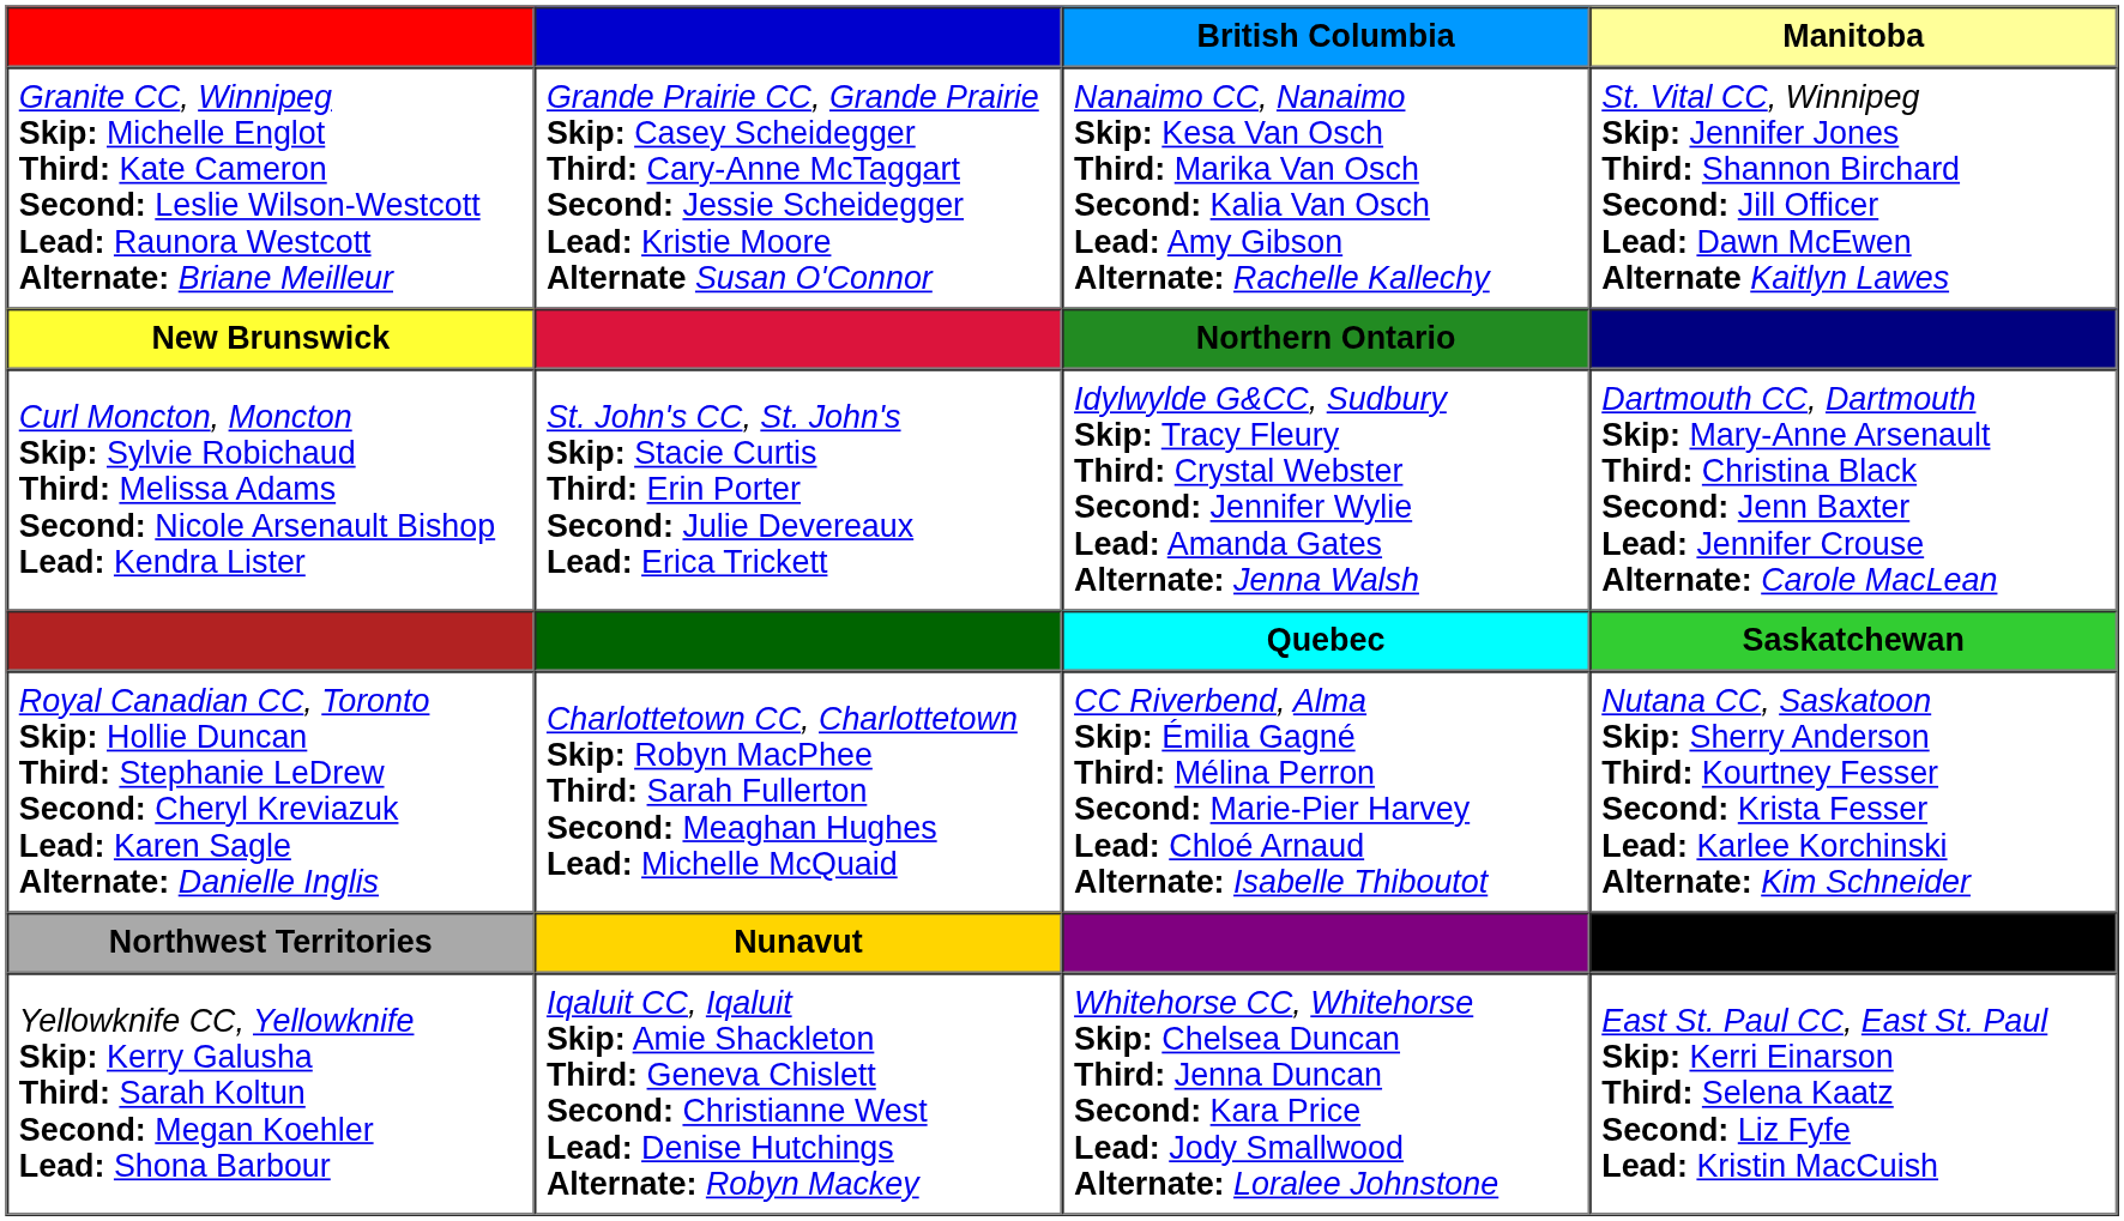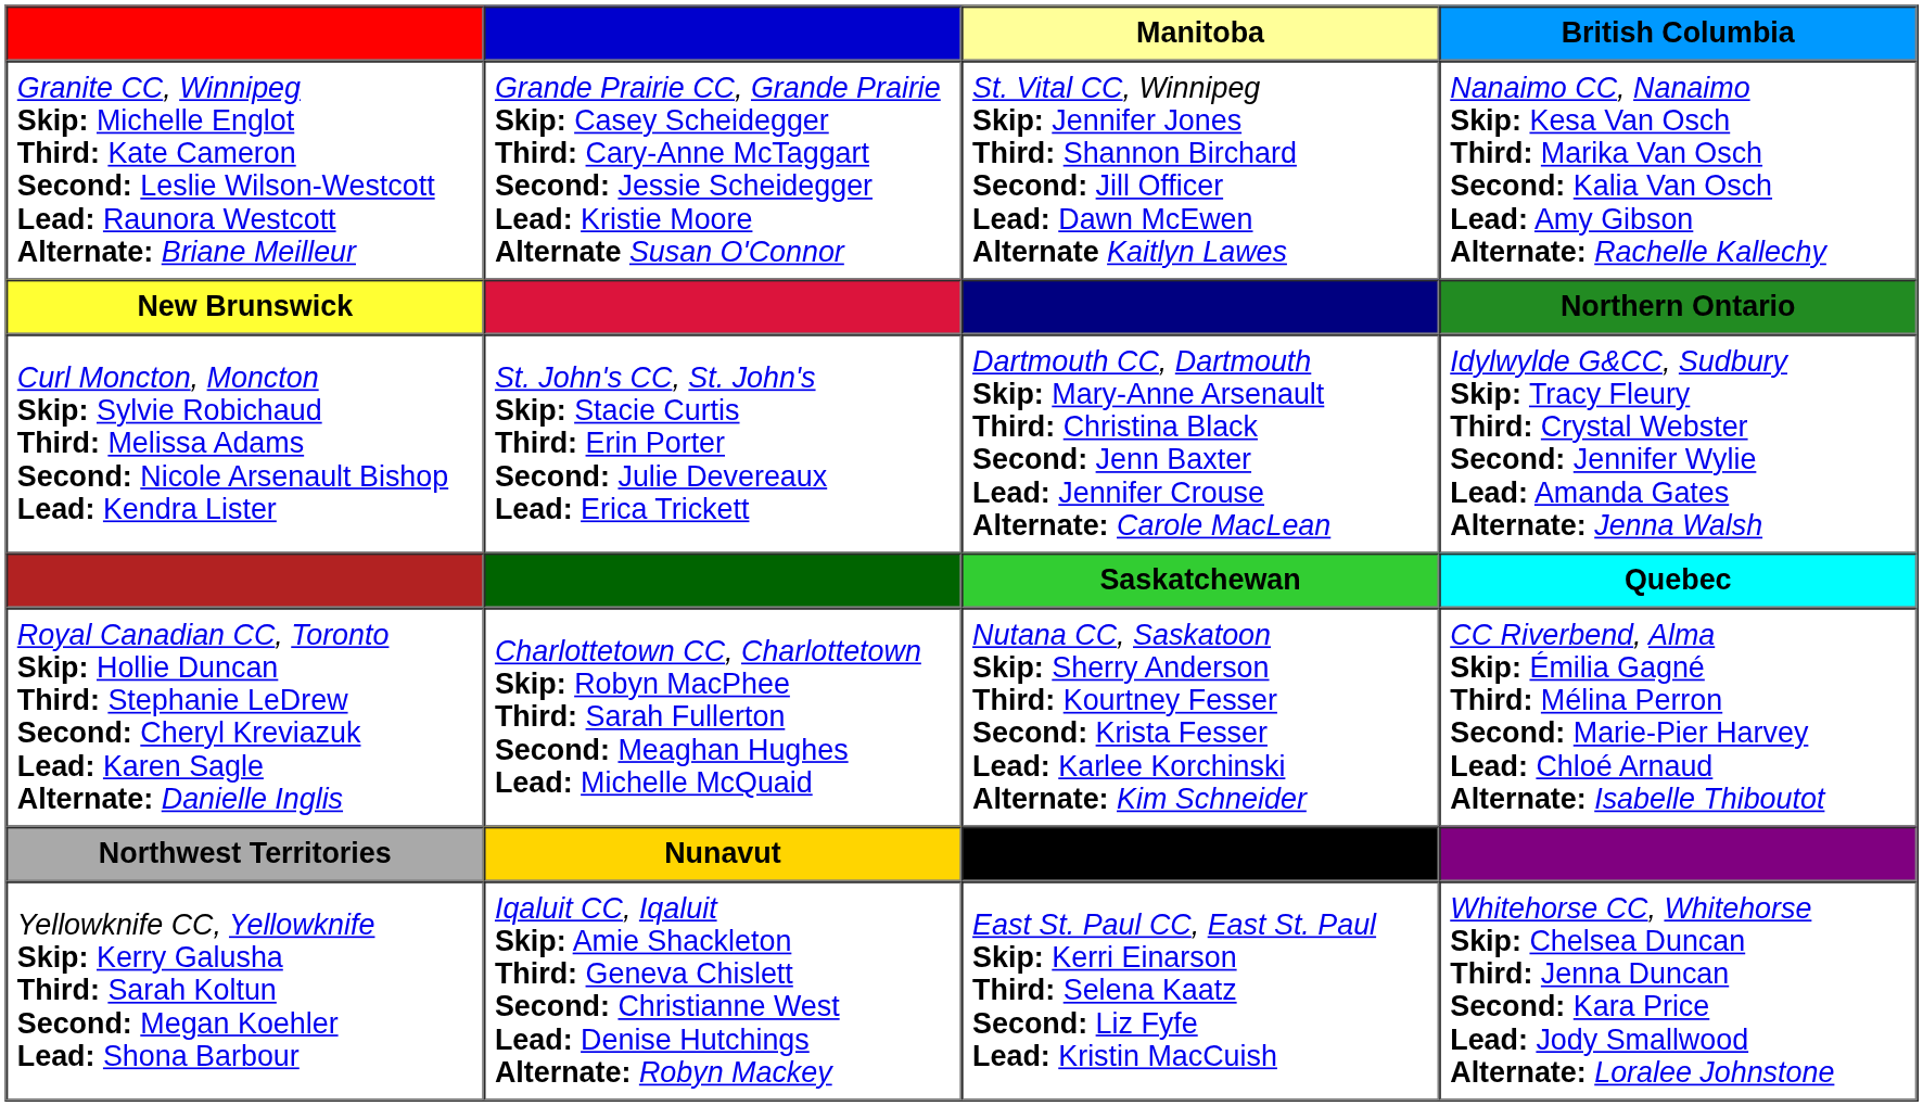 <table border=1 cellpadding=5 cellspacing=0>
 <tr>
 <th bgcolor="#FF0000" width="250"> </th>
 <th bgcolor="#0000CD" width="250"> </th>
+<th bgcolor="#FFFF99" width="250"> Manitoba</th>
 <th bgcolor="#0099FF" width="250"> British Columbia</th>
-<th bgcolor="#FFFF99" width="250"> Manitoba</th>
 </tr>
 <tr>
 <td><em><a href='#'>Granite CC</a>, <a href='#'>Winnipeg</a></em><br><strong>Skip:</strong> <a href='#'>Michelle Englot</a><br> <strong>Third:</strong> <a href='#'>Kate Cameron</a><br> <strong>Second:</strong> <a href='#'>Leslie Wilson-Westcott</a><br> <strong>Lead:</strong> <a href='#'>Raunora Westcott</a><br> <strong>Alternate:</strong> <em><a href='#'>Briane Meilleur</a></em></td>
 <td><em><a href='#'>Grande Prairie CC</a>, <a href='#'>Grande Prairie</a></em><br><strong>Skip:</strong> <a href='#'>Casey Scheidegger</a><br> <strong>Third:</strong> <a href='#'>Cary-Anne McTaggart</a><br> <strong>Second:</strong> <a href='#'>Jessie Scheidegger</a><br> <strong>Lead:</strong> <a href='#'>Kristie Moore</a><br> <strong>Alternate</strong> <em><a href='#'>Susan O'Connor</a></em></td>
+<td><em><a href='#'>St. Vital CC</a>, Winnipeg</em><br><strong>Skip:</strong> <a href='#'>Jennifer Jones</a><br> <strong>Third:</strong> <a href='#'>Shannon Birchard</a><br> <strong>Second:</strong> <a href='#'>Jill Officer</a><br> <strong>Lead:</strong> <a href='#'>Dawn McEwen</a><br> <strong>Alternate</strong> <em><a href='#'>Kaitlyn Lawes</a></em></td>
 <td><em><a href='#'>Nanaimo CC</a>, <a href='#'>Nanaimo</a></em><br><strong>Skip:</strong> <a href='#'>Kesa Van Osch</a><br> <strong>Third:</strong> <a href='#'>Marika Van Osch</a><br> <strong>Second:</strong> <a href='#'>Kalia Van Osch</a><br> <strong>Lead:</strong> <a href='#'>Amy Gibson</a><br>  <strong>Alternate:</strong> <em><a href='#'>Rachelle Kallechy</a></em></td>
-<td><em><a href='#'>St. Vital CC</a>, Winnipeg</em><br><strong>Skip:</strong> <a href='#'>Jennifer Jones</a><br> <strong>Third:</strong> <a href='#'>Shannon Birchard</a><br> <strong>Second:</strong> <a href='#'>Jill Officer</a><br> <strong>Lead:</strong> <a href='#'>Dawn McEwen</a><br> <strong>Alternate</strong> <em><a href='#'>Kaitlyn Lawes</a></em></td>
 </tr>
 <tr border=1 cellpadding=5 cellspacing=0>
 <th bgcolor="#FFFF33" width="250"> New Brunswick</th>
 <th bgcolor="#DC143C" width="250"> </th>
+<th bgcolor="#000080" width="250"> </th>
 <th bgcolor="#228B22" width="250"> Northern Ontario</th>
-<th bgcolor="#000080" width="250"> </th>
 </tr>
 <tr>
 <td><em><a href='#'>Curl Moncton</a>, <a href='#'>Moncton</a></em><br><strong>Skip:</strong> <a href='#'>Sylvie Robichaud</a><br> <strong>Third:</strong> <a href='#'>Melissa Adams</a><br> <strong>Second:</strong> <a href='#'>Nicole Arsenault Bishop</a><br> <strong>Lead:</strong> <a href='#'>Kendra Lister</a></td>
 <td><em><a href='#'>St. John's CC</a>, <a href='#'>St. John's</a></em><br><strong>Skip:</strong> <a href='#'>Stacie Curtis</a><br> <strong>Third:</strong> <a href='#'>Erin Porter</a><br> <strong>Second:</strong> <a href='#'>Julie Devereaux</a><br> <strong>Lead:</strong> <a href='#'>Erica Trickett</a></td>
+<td><em><a href='#'>Dartmouth CC</a>, <a href='#'>Dartmouth</a></em><br><strong>Skip:</strong> <a href='#'>Mary-Anne Arsenault</a><br> <strong>Third:</strong> <a href='#'>Christina Black</a><br> <strong>Second:</strong> <a href='#'>Jenn Baxter</a><br> <strong>Lead:</strong> <a href='#'>Jennifer Crouse</a><br> <strong>Alternate:</strong> <em><a href='#'>Carole MacLean</a></em></td>
 <td><em><a href='#'>Idylwylde G&CC</a>, <a href='#'>Sudbury</a></em><br><strong>Skip:</strong> <a href='#'>Tracy Fleury</a><br> <strong>Third:</strong> <a href='#'>Crystal Webster</a><br> <strong>Second:</strong> <a href='#'>Jennifer Wylie</a><br> <strong>Lead:</strong> <a href='#'>Amanda Gates</a><br> <strong>Alternate:</strong> <em><a href='#'>Jenna Walsh</a></em></td>
-<td><em><a href='#'>Dartmouth CC</a>, <a href='#'>Dartmouth</a></em><br><strong>Skip:</strong> <a href='#'>Mary-Anne Arsenault</a><br> <strong>Third:</strong> <a href='#'>Christina Black</a><br> <strong>Second:</strong> <a href='#'>Jenn Baxter</a><br> <strong>Lead:</strong> <a href='#'>Jennifer Crouse</a><br> <strong>Alternate:</strong> <em><a href='#'>Carole MacLean</a></em></td>
 </tr>
 <tr border=1 cellpadding=5 cellspacing=0>
 <th bgcolor="#B22222" width="250"> </th>
 <th bgcolor="#006400" width="250"> </th>
+<th bgcolor="#32CD32" width="250"> Saskatchewan</th>
 <th bgcolor="#00FFFF" width="250"> Quebec</th>
-<th bgcolor="#32CD32" width="250"> Saskatchewan</th>
 </tr>
 <tr>
 <td><em><a href='#'>Royal Canadian CC</a>, <a href='#'>Toronto</a></em><br><strong>Skip:</strong> <a href='#'>Hollie Duncan</a><br> <strong>Third:</strong> <a href='#'>Stephanie LeDrew</a><br> <strong>Second:</strong> <a href='#'>Cheryl Kreviazuk</a><br> <strong>Lead:</strong> <a href='#'>Karen Sagle</a><br> <strong>Alternate:</strong> <em><a href='#'>Danielle Inglis</a></em></td>
 <td><em><a href='#'>Charlottetown CC</a>, <a href='#'>Charlottetown</a></em><br><strong>Skip:</strong> <a href='#'>Robyn MacPhee</a><br> <strong>Third:</strong> <a href='#'>Sarah Fullerton</a><br> <strong>Second:</strong> <a href='#'>Meaghan Hughes</a><br> <strong>Lead:</strong> <a href='#'>Michelle McQuaid</a></td>
+<td><em><a href='#'>Nutana CC</a>, <a href='#'>Saskatoon</a></em><br><strong>Skip:</strong> <a href='#'>Sherry Anderson</a><br> <strong>Third:</strong> <a href='#'>Kourtney Fesser</a><br> <strong>Second:</strong> <a href='#'>Krista Fesser</a><br> <strong>Lead:</strong> <a href='#'>Karlee Korchinski</a><br> <strong>Alternate:</strong> <em><a href='#'>Kim Schneider</a></em></td>
 <td><em><a href='#'>CC Riverbend</a>, <a href='#'>Alma</a></em><br><strong>Skip:</strong> <a href='#'>Émilia Gagné</a><br> <strong>Third:</strong> <a href='#'>Mélina Perron</a><br> <strong>Second:</strong> <a href='#'>Marie-Pier Harvey</a><br> <strong>Lead:</strong> <a href='#'>Chloé Arnaud</a><br> <strong>Alternate:</strong> <em><a href='#'>Isabelle Thiboutot</a></em></td>
-<td><em><a href='#'>Nutana CC</a>, <a href='#'>Saskatoon</a></em><br><strong>Skip:</strong> <a href='#'>Sherry Anderson</a><br> <strong>Third:</strong> <a href='#'>Kourtney Fesser</a><br> <strong>Second:</strong> <a href='#'>Krista Fesser</a><br> <strong>Lead:</strong> <a href='#'>Karlee Korchinski</a><br> <strong>Alternate:</strong> <em><a href='#'>Kim Schneider</a></em></td>
 </tr>
 <tr border=1 cellpadding=5 cellspacing=0>
 <th bgcolor="#A9A9A9" width="250"> Northwest Territories</th>
 <th bgcolor="#FFDD500" width="250"> Nunavut</th>
+<th bgcolor="#000000" width="250"> </th>
 <th bgcolor="#800080" width="250"> </th>
-<th bgcolor="#000000" width="250"> </th>
 </tr>
 <tr>
 <td><em>Yellowknife CC, <a href='#'>Yellowknife</a></em><br><strong>Skip:</strong> <a href='#'>Kerry Galusha</a><br> <strong>Third:</strong> <a href='#'>Sarah Koltun</a><br> <strong>Second:</strong> <a href='#'>Megan Koehler</a><br> <strong>Lead:</strong> <a href='#'>Shona Barbour</a></td>
 <td><em><a href='#'>Iqaluit CC</a>, <a href='#'>Iqaluit</a></em><br><strong>Skip:</strong> <a href='#'>Amie Shackleton</a><br> <strong>Third:</strong> <a href='#'>Geneva Chislett</a><br> <strong>Second:</strong> <a href='#'>Christianne West</a><br> <strong>Lead:</strong> <a href='#'>Denise Hutchings</a><br> <strong>Alternate:</strong> <em><a href='#'>Robyn Mackey</a></em></td>
+<td><em><a href='#'>East St. Paul CC</a>, <a href='#'>East St. Paul</a></em><br><strong>Skip:</strong> <a href='#'>Kerri Einarson</a><br> <strong>Third:</strong> <a href='#'>Selena Kaatz</a><br> <strong>Second:</strong> <a href='#'>Liz Fyfe</a><br> <strong>Lead:</strong> <a href='#'>Kristin MacCuish</a></td>
 <td><em><a href='#'>Whitehorse CC</a>, <a href='#'>Whitehorse</a></em><br><strong>Skip:</strong> <a href='#'>Chelsea Duncan</a><br> <strong>Third:</strong> <a href='#'>Jenna Duncan</a><br> <strong>Second:</strong> <a href='#'>Kara Price</a><br> <strong>Lead:</strong> <a href='#'>Jody Smallwood</a><br> <strong>Alternate:</strong> <em><a href='#'>Loralee Johnstone</a></em></td>
-<td><em><a href='#'>East St. Paul CC</a>, <a href='#'>East St. Paul</a></em><br><strong>Skip:</strong> <a href='#'>Kerri Einarson</a><br> <strong>Third:</strong> <a href='#'>Selena Kaatz</a><br> <strong>Second:</strong> <a href='#'>Liz Fyfe</a><br> <strong>Lead:</strong> <a href='#'>Kristin MacCuish</a></td>
 </tr>
 </table>
